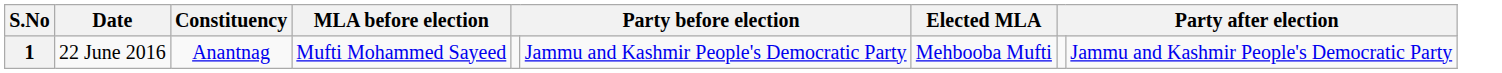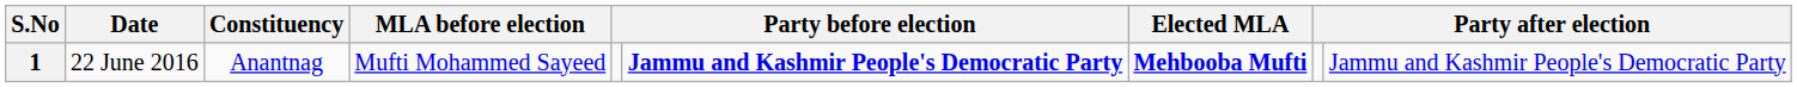 <table class="wikitable sortable" style="text-align:center;">
 <tr>
 <th>S.No</th>
 <th>Date</th>
 <th>Constituency</th>
 <th>MLA before election</th>
 <th colspan="2">Party before election</th>
 <th>Elected MLA</th>
 <th colspan="2">Party after election</th>
 </tr>
 <tr>
 <th>1</th>
 <td>22 June 2016</td>
 <td><a href='#'>Anantnag</a></td>
 <td><a href='#'>Mufti Mohammed Sayeed</a></td>
 <td></td>
-<td><a href='#'>Jammu and Kashmir People's Democratic Party</a></td>
-<td><a href='#'>Mehbooba Mufti</a></td>
+<td><strong><a href='#'>Jammu and Kashmir People's Democratic Party</a></strong></td>
+<td><strong><a href='#'>Mehbooba Mufti</a></strong></td>
 <td></td>
 <td><a href='#'>Jammu and Kashmir People's Democratic Party</a></td>
 </tr>
 </table>
